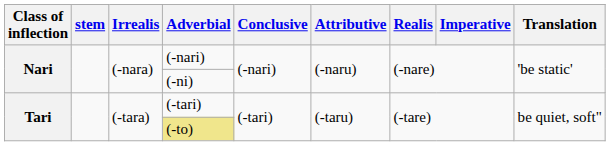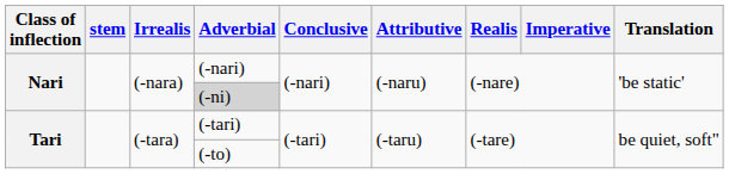 <table class="wikitable">
 <tr>
 <th>Class of<br>inflection</th>
 <th><a href='#'>stem</a></th>
 <th><a href='#'>Irrealis</a></th>
 <th><a href='#'>Adverbial</a></th>
 <th><a href='#'>Conclusive</a></th>
 <th><a href='#'>Attributive</a></th>
 <th><a href='#'>Realis</a></th>
 <th><a href='#'>Imperative</a></th>
 <th>Translation</th>
 </tr>
 <tr>
 <th rowspan="2">Nari<br></th>
 <td rowspan="2"></td>
 <td rowspan="2">(-nara)</td>
 <td>(-nari)</td>
 <td rowspan="2">(-nari)</td>
 <td rowspan="2">(-naru)</td>
 <td colspan="2" rowspan="2">(-nare)</td>
 <td rowspan="2">'be static'</td>
 </tr>
 <tr>
-<td>(-ni)</td>
+<td style="background: lightgrey;">(-ni)</td>
 </tr>
 <tr>
 <th rowspan="2">Tari<br></th>
 <td rowspan="2"></td>
 <td rowspan="2">(-tara)</td>
 <td>(-tari)</td>
 <td rowspan="2">(-tari)</td>
 <td rowspan="2">(-taru)</td>
 <td colspan="2" rowspan="2">(-tare)</td>
 <td rowspan="2">be quiet, soft"</td>
 </tr>
 <tr>
-<td style="background: khaki;">(-to)</td>
+<td>(-to)</td>
 </tr>
 </table>
